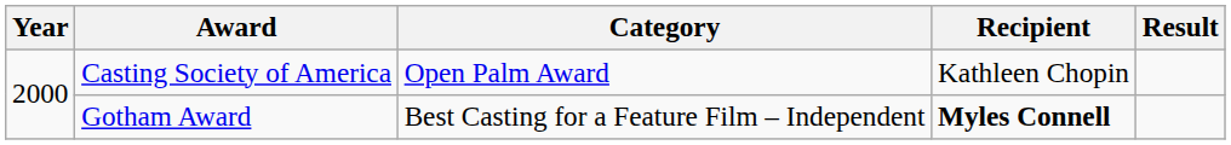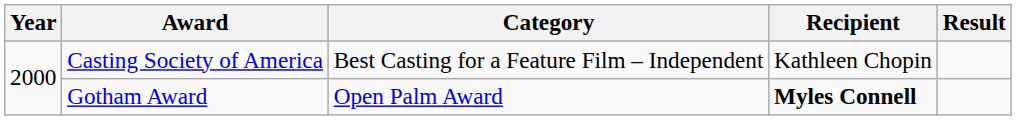 <table class="wikitable sortable">
 <tr>
 <th>Year</th>
 <th>Award</th>
 <th>Category</th>
 <th>Recipient</th>
 <th>Result</th>
 </tr>
 <tr>
 <td rowspan="2">2000</td>
 <td><a href='#'>Casting Society of America</a></td>
-<td><a href='#'>Open Palm Award</a></td>
+<td>Best Casting for a Feature Film – Independent</td>
 <td>Kathleen Chopin</td>
 <td></td>
 </tr>
 <tr>
 <td><a href='#'>Gotham Award</a></td>
-<td>Best Casting for a Feature Film – Independent</td>
+<td><a href='#'>Open Palm Award</a></td>
 <td><strong>Myles Connell</strong></td>
 <td></td>
 </tr>
 </table>
